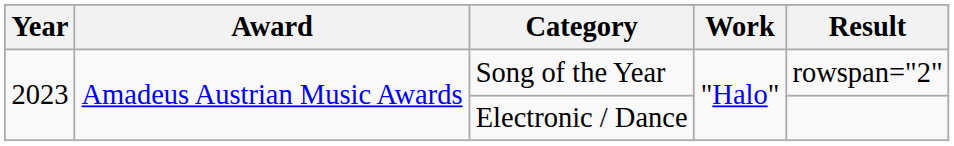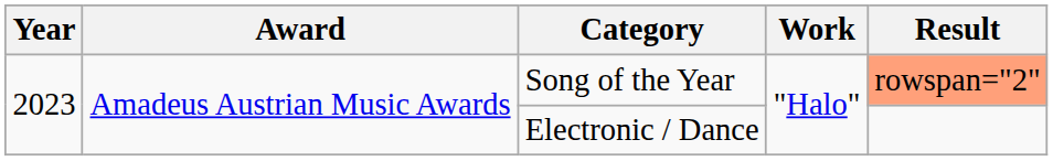 <table class="wikitable">
 <tr>
 <th scope="col">Year</th>
 <th scope="col">Award</th>
 <th>Category</th>
 <th scope="col">Work</th>
 <th scope="col">Result</th>
 </tr>
 <tr>
 <td rowspan="2" style="text-align:center;">2023</td>
 <td rowspan="2"><a href='#'>Amadeus Austrian Music Awards</a></td>
 <td>Song of the Year</td>
 <td rowspan="2">"<a href='#'>Halo</a>"</td>
-<td>rowspan="2" </td>
+<td style="background: lightsalmon;">rowspan="2" </td>
 </tr>
 <tr>
 <td>Electronic / Dance</td>
 </tr>
 </table>
